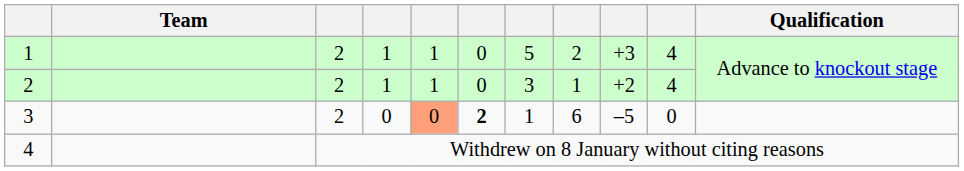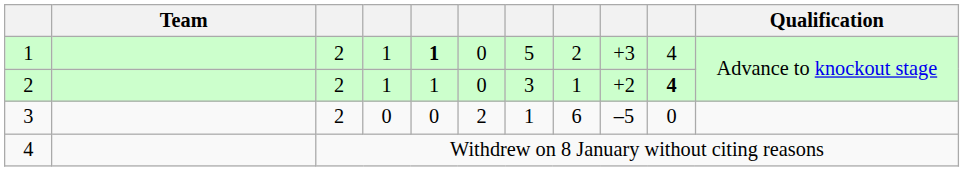 <table class="wikitable" style="text-align:center">
 <tr>
 <th width=30></th>
 <th width=200>Team</th>
 <th width=30></th>
 <th width=30></th>
 <th width=30></th>
 <th width=30></th>
 <th width=30></th>
 <th width=30></th>
 <th width=30></th>
 <th width=30></th>
 <th width=200>Qualification</th>
 </tr>
 <tr style="background-color:#cfc">
 <td>1</td>
 <td style="text-align:left"></td>
 <td>2</td>
 <td>1</td>
-<td>1</td>
+<td><strong>1</strong></td>
 <td>0</td>
 <td>5</td>
 <td>2</td>
 <td>+3</td>
 <td>4</td>
 <td rowspan="2">Advance to <a href='#'>knockout stage</a></td>
 </tr>
 <tr style="background-color:#cfc">
 <td>2</td>
 <td style="text-align:left"></td>
 <td>2</td>
 <td>1</td>
 <td>1</td>
 <td>0</td>
 <td>3</td>
 <td>1</td>
 <td>+2</td>
-<td>4</td>
+<td><strong>4</strong></td>
 </tr>
 <tr>
 <td>3</td>
 <td style="text-align:left"></td>
 <td>2</td>
 <td>0</td>
-<td style="background: lightsalmon;">0</td>
-<td><strong>2</strong></td>
+<td>0</td>
+<td>2</td>
 <td>1</td>
 <td>6</td>
 <td>–5</td>
 <td>0</td>
 <td></td>
 </tr>
 <tr>
 <td>4</td>
 <td style="text-align:left"></td>
 <td colspan="9">Withdrew on 8 January without citing reasons</td>
 </tr>
 </table>
